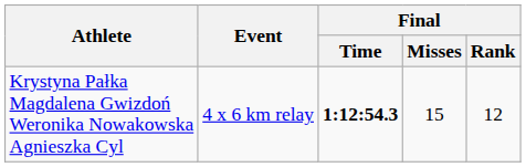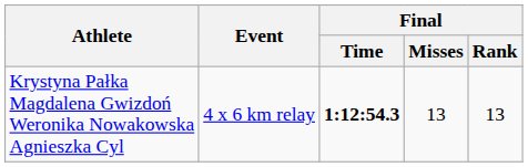 <table class="wikitable">
 <tr>
 <th rowspan="2">Athlete</th>
 <th rowspan="2">Event</th>
 <th colspan="3">Final</th>
 </tr>
 <tr>
 <th>Time</th>
 <th>Misses</th>
 <th>Rank</th>
 </tr>
 <tr align="center">
 <td align="left"><a href='#'>Krystyna Pałka</a><br><a href='#'>Magdalena Gwizdoń</a><br><a href='#'>Weronika Nowakowska</a><br><a href='#'>Agnieszka Cyl</a></td>
 <td><a href='#'>4 x 6 km relay</a></td>
 <td><strong>1:12:54.3</strong></td>
-<td>15</td>
-<td>12</td>
+<td>13</td>
+<td>13</td>
 </tr>
 </table>
